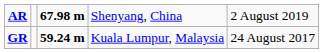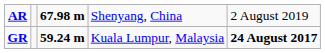 <table class="wikitable" style="font-size:95%; position:relative;">
 <tr>
 <td align=center><strong><a href='#'>AR</a></strong></td>
 <td></td>
 <td><strong>67.98 m</strong></td>
 <td><a href='#'>Shenyang</a>, <a href='#'>China</a></td>
 <td>2 August 2019</td>
 </tr>
 <tr>
 <td align=center><strong><a href='#'>GR</a></strong></td>
 <td></td>
 <td><strong>59.24 m</strong></td>
 <td><a href='#'>Kuala Lumpur</a>, <a href='#'>Malaysia</a></td>
-<td>24 August 2017</td>
+<td><strong>24 August 2017</strong></td>
 </tr>
 </table>
